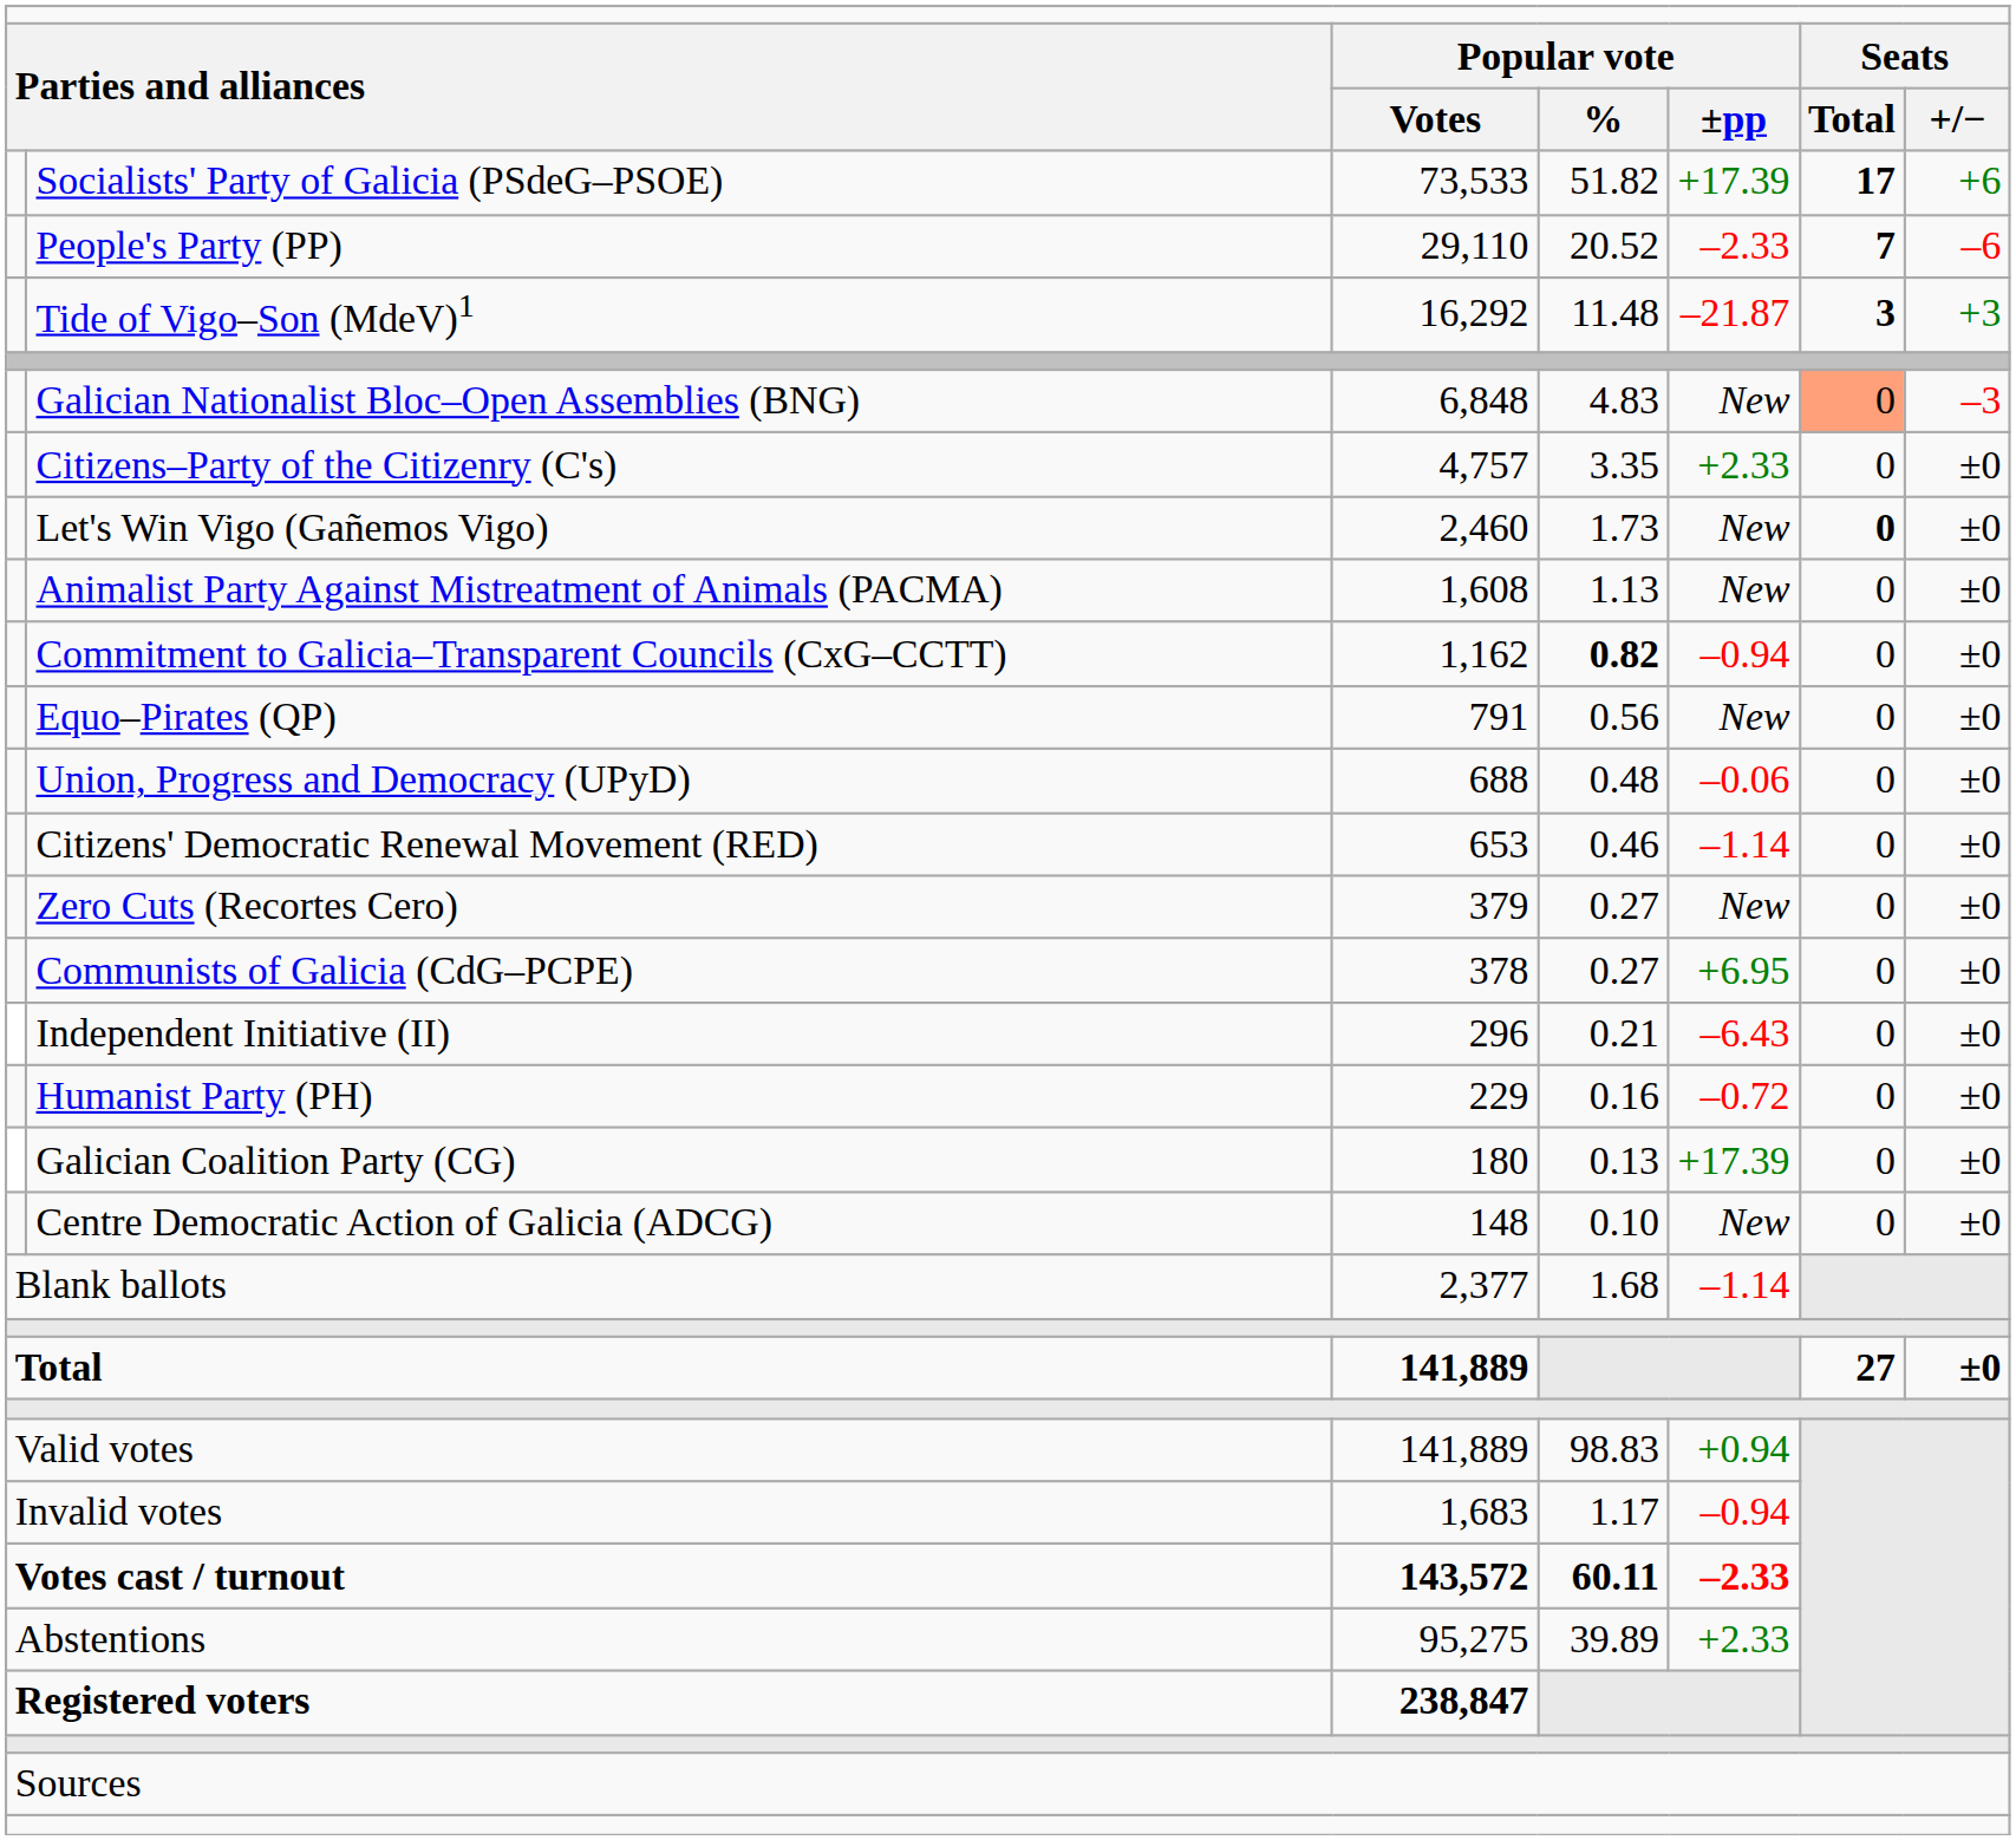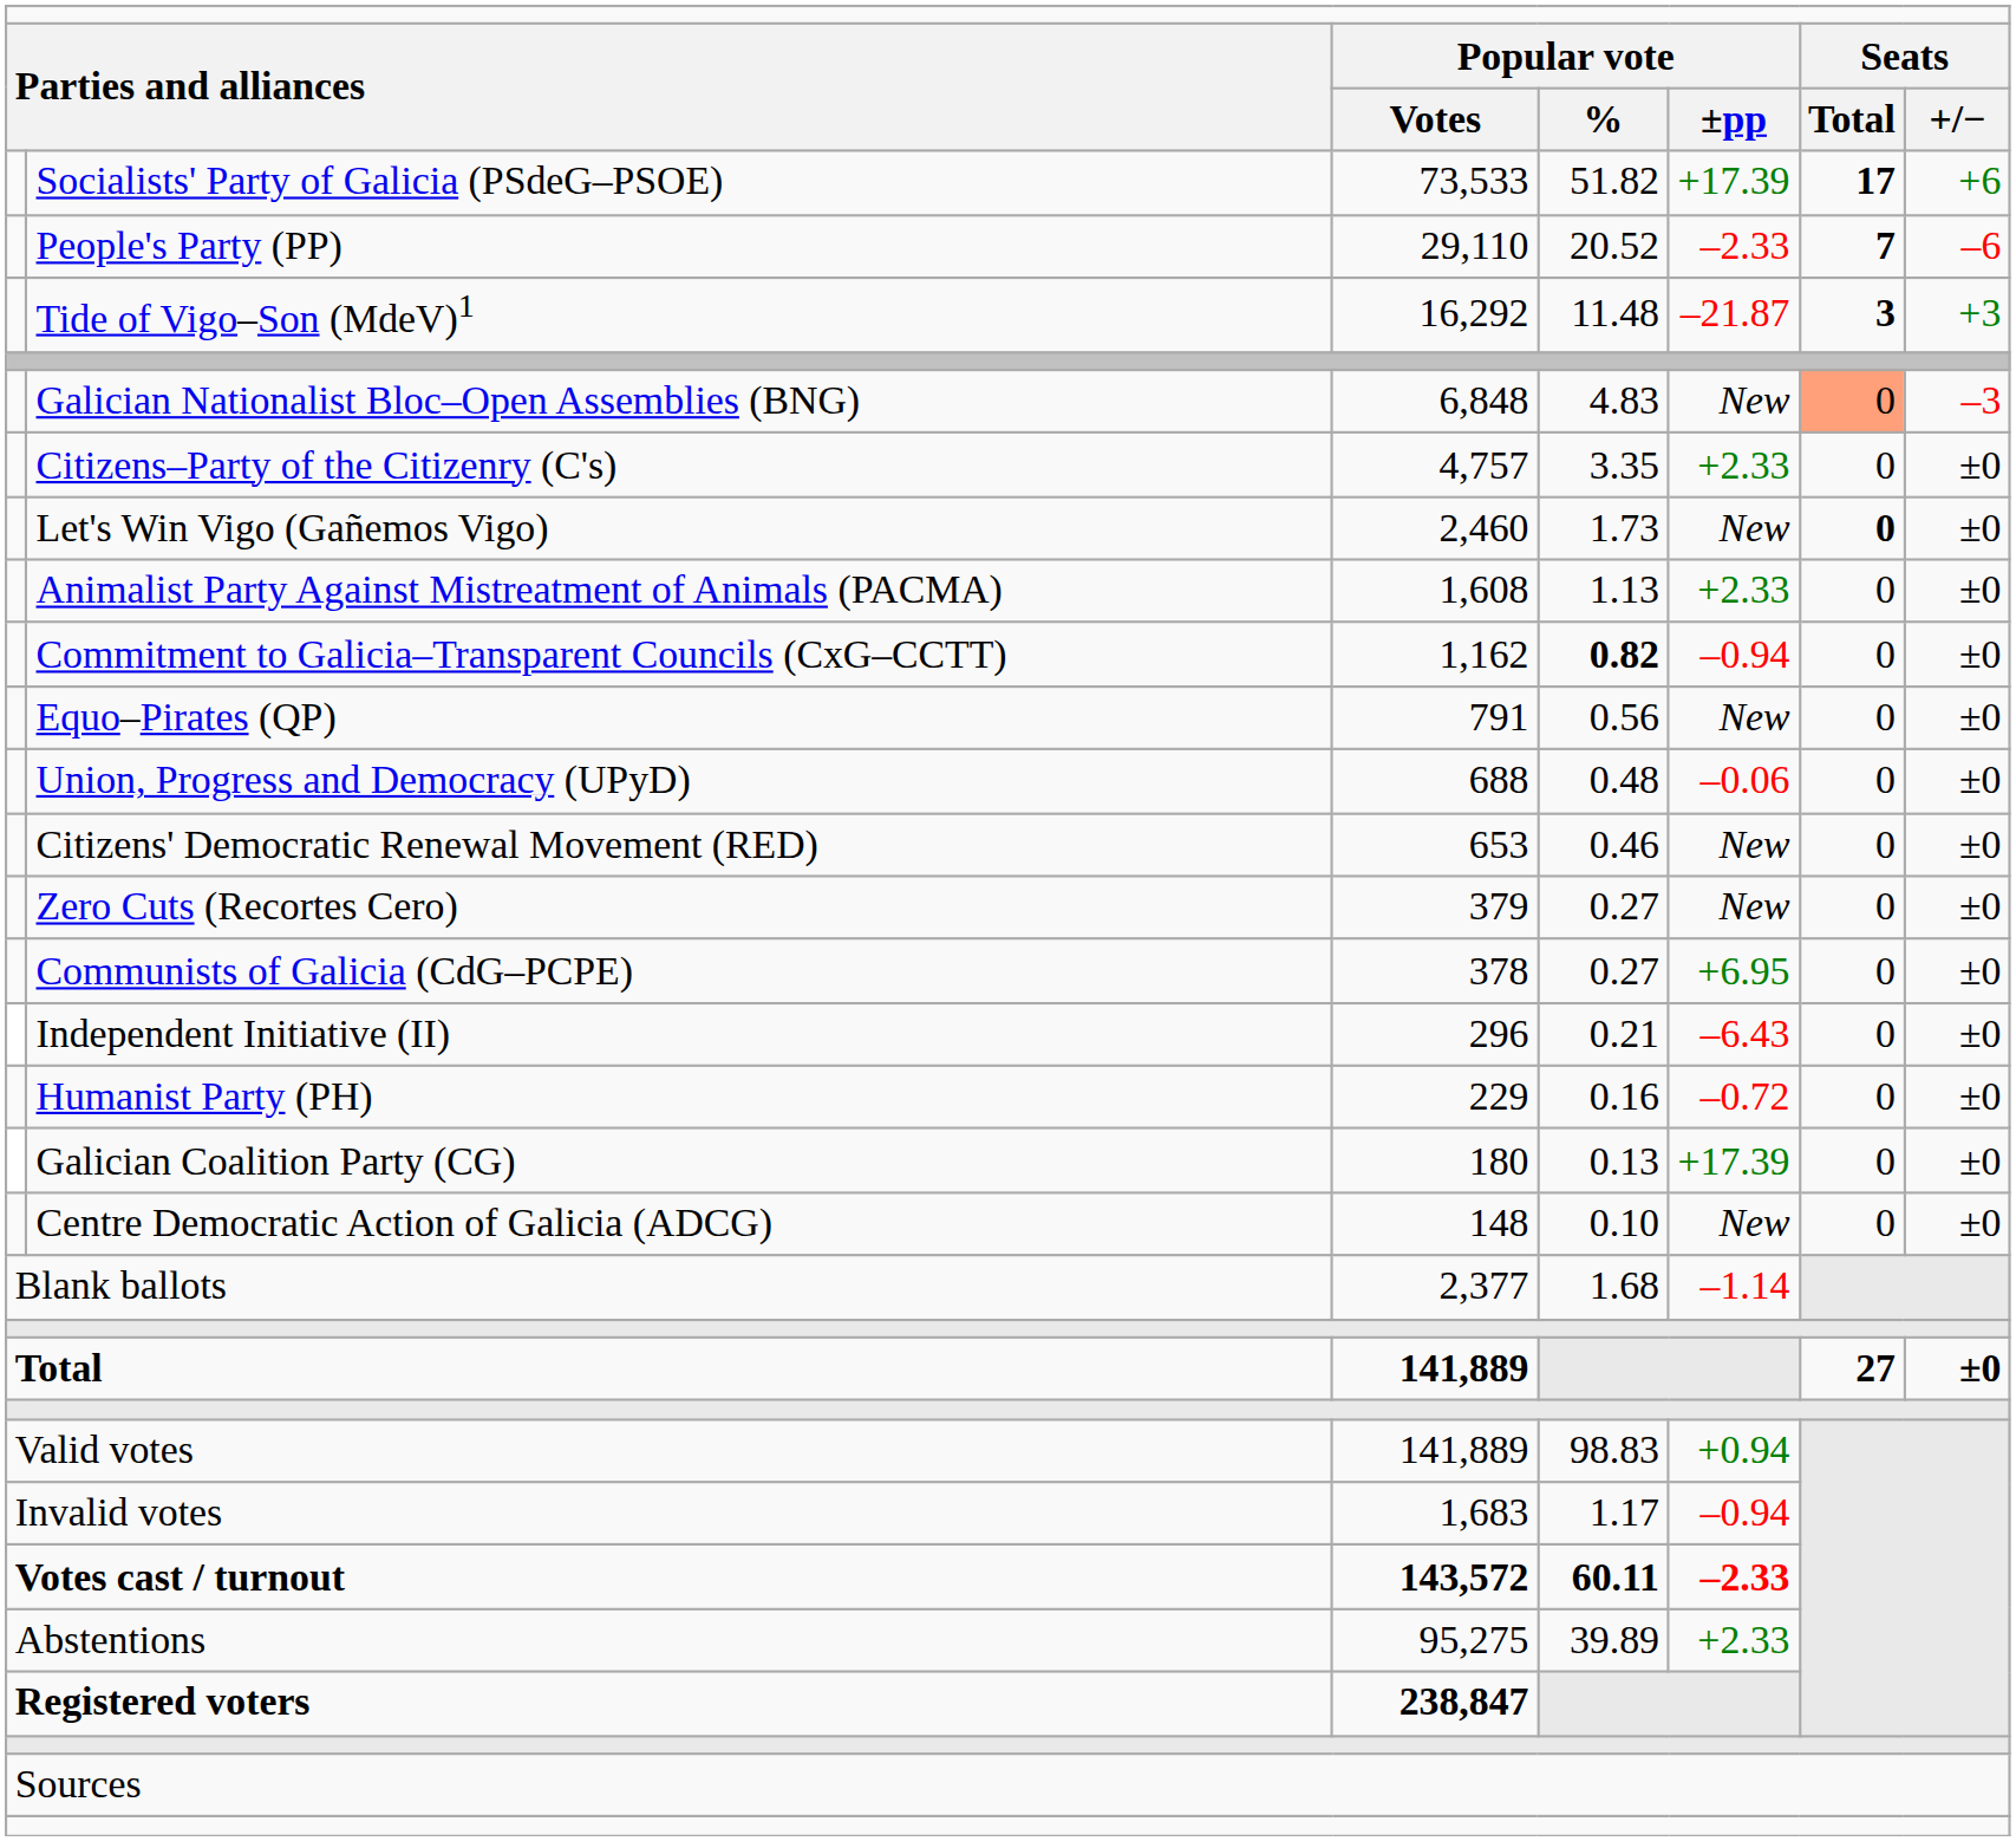 <table class="wikitable" style="text-align:right;">
 <tr>
 <td colspan="7"></td>
 </tr>
 <tr>
 <th style="text-align:left;" rowspan="2" colspan="2" width="525">Parties and alliances</th>
 <th colspan="3">Popular vote</th>
 <th colspan="2">Seats</th>
 </tr>
 <tr>
 <th width="75">Votes</th>
 <th width="45">%</th>
 <th width="45">±<a href='#'>pp</a></th>
 <th width="35">Total</th>
 <th width="35">+/−</th>
 </tr>
 <tr>
 <td width="1" style="color:inherit;background:"></td>
 <td align="left"><a href='#'>Socialists' Party of Galicia</a> (PSdeG–PSOE)</td>
 <td>73,533</td>
 <td>51.82</td>
 <td style="color:green;">+17.39</td>
 <td><strong>17</strong></td>
 <td style="color:green;">+6</td>
 </tr>
 <tr>
 <td style="color:inherit;background:"></td>
 <td align="left"><a href='#'>People's Party</a> (PP)</td>
 <td>29,110</td>
 <td>20.52</td>
 <td style="color:red;">–2.33</td>
 <td><strong>7</strong></td>
 <td style="color:red;">–6</td>
 </tr>
 <tr>
 <td style="color:inherit;background:"></td>
 <td align="left"><a href='#'>Tide of Vigo</a>–<a href='#'>Son</a> (MdeV)<sup>1</sup></td>
 <td>16,292</td>
 <td>11.48</td>
 <td style="color:red;">–21.87</td>
 <td><strong>3</strong></td>
 <td style="color:green;">+3</td>
 </tr>
 <tr>
 <td colspan="7" bgcolor="#C0C0C0"></td>
 </tr>
 <tr>
 <td style="color:inherit;background:"></td>
 <td align="left"><a href='#'>Galician Nationalist Bloc–Open Assemblies</a> (BNG)</td>
 <td>6,848</td>
 <td>4.83</td>
 <td><em>New</em></td>
 <td style="background: lightsalmon;">0</td>
 <td style="color:red;">–3</td>
 </tr>
 <tr>
 <td style="color:inherit;background:"></td>
 <td align="left"><a href='#'>Citizens–Party of the Citizenry</a> (C's)</td>
 <td>4,757</td>
 <td>3.35</td>
 <td style="color:green;">+2.33</td>
 <td>0</td>
 <td>±0</td>
 </tr>
 <tr>
 <td style="color:inherit;background:"></td>
 <td align="left">Let's Win Vigo (Gañemos Vigo)</td>
 <td>2,460</td>
 <td>1.73</td>
 <td><em>New</em></td>
 <td><strong>0</strong></td>
 <td>±0</td>
 </tr>
 <tr>
 <td style="color:inherit;background:"></td>
 <td align="left"><a href='#'>Animalist Party Against Mistreatment of Animals</a> (PACMA)</td>
 <td>1,608</td>
 <td>1.13</td>
-<td><em>New</em></td>
+<td style="color:green;">+2.33</td>
 <td>0</td>
 <td>±0</td>
 </tr>
 <tr>
 <td style="color:inherit;background:"></td>
 <td align="left"><a href='#'>Commitment to Galicia–Transparent Councils</a> (CxG–CCTT)</td>
 <td>1,162</td>
 <td><strong>0.82</strong></td>
 <td style="color:red;">–0.94</td>
 <td>0</td>
 <td>±0</td>
 </tr>
 <tr>
 <td style="color:inherit;background:"></td>
 <td align="left"><a href='#'>Equo</a>–<a href='#'>Pirates</a> (QP)</td>
 <td>791</td>
 <td>0.56</td>
 <td><em>New</em></td>
 <td>0</td>
 <td>±0</td>
 </tr>
 <tr>
 <td style="color:inherit;background:"></td>
 <td align="left"><a href='#'>Union, Progress and Democracy</a> (UPyD)</td>
 <td>688</td>
 <td>0.48</td>
 <td style="color:red;">–0.06</td>
 <td>0</td>
 <td>±0</td>
 </tr>
 <tr>
 <td style="color:inherit;background:"></td>
 <td align="left">Citizens' Democratic Renewal Movement (RED)</td>
 <td>653</td>
 <td>0.46</td>
-<td style="color:red;">–1.14</td>
+<td><em>New</em></td>
 <td>0</td>
 <td>±0</td>
 </tr>
 <tr>
 <td style="color:inherit;background:"></td>
 <td align="left"><a href='#'>Zero Cuts</a> (Recortes Cero)</td>
 <td>379</td>
 <td>0.27</td>
 <td><em>New</em></td>
 <td>0</td>
 <td>±0</td>
 </tr>
 <tr>
 <td style="color:inherit;background:"></td>
 <td align="left"><a href='#'>Communists of Galicia</a> (CdG–PCPE)</td>
 <td>378</td>
 <td>0.27</td>
 <td style="color:green;">+6.95</td>
 <td>0</td>
 <td>±0</td>
 </tr>
 <tr>
 <td bgcolor="white"></td>
 <td align="left">Independent Initiative (II)</td>
 <td>296</td>
 <td>0.21</td>
 <td style="color:red;">–6.43</td>
 <td>0</td>
 <td>±0</td>
 </tr>
 <tr>
 <td style="color:inherit;background:"></td>
 <td align="left"><a href='#'>Humanist Party</a> (PH)</td>
 <td>229</td>
 <td>0.16</td>
 <td style="color:red;">–0.72</td>
 <td>0</td>
 <td>±0</td>
 </tr>
 <tr>
 <td bgcolor="white"></td>
 <td align="left">Galician Coalition Party (CG)</td>
 <td>180</td>
 <td>0.13</td>
 <td style="color:green;">+17.39</td>
 <td>0</td>
 <td>±0</td>
 </tr>
 <tr>
 <td style="color:inherit;background:"></td>
 <td align="left">Centre Democratic Action of Galicia (ADCG)</td>
 <td>148</td>
 <td>0.10</td>
 <td><em>New</em></td>
 <td>0</td>
 <td>±0</td>
 </tr>
 <tr>
 <td align="left" colspan="2">Blank ballots</td>
 <td>2,377</td>
 <td>1.68</td>
 <td style="color:red;">–1.14</td>
 <td bgcolor="#E9E9E9" colspan="2"></td>
 </tr>
 <tr>
 <td colspan="7" bgcolor="#E9E9E9"></td>
 </tr>
 <tr style="font-weight:bold;">
 <td align="left" colspan="2">Total</td>
 <td>141,889</td>
 <td bgcolor="#E9E9E9" colspan="2"></td>
 <td>27</td>
 <td>±0</td>
 </tr>
 <tr>
 <td colspan="7" bgcolor="#E9E9E9"></td>
 </tr>
 <tr>
 <td align="left" colspan="2">Valid votes</td>
 <td>141,889</td>
 <td>98.83</td>
 <td style="color:green;">+0.94</td>
 <td bgcolor="#E9E9E9" colspan="2" rowspan="5"></td>
 </tr>
 <tr>
 <td align="left" colspan="2">Invalid votes</td>
 <td>1,683</td>
 <td>1.17</td>
 <td style="color:red;">–0.94</td>
 </tr>
 <tr style="font-weight:bold;">
 <td align="left" colspan="2">Votes cast / turnout</td>
 <td>143,572</td>
 <td>60.11</td>
 <td style="color:red;">–2.33</td>
 </tr>
 <tr>
 <td align="left" colspan="2">Abstentions</td>
 <td>95,275</td>
 <td>39.89</td>
 <td style="color:green;">+2.33</td>
 </tr>
 <tr style="font-weight:bold;">
 <td align="left" colspan="2">Registered voters</td>
 <td>238,847</td>
 <td bgcolor="#E9E9E9" colspan="2"></td>
 </tr>
 <tr>
 <td colspan="7" bgcolor="#E9E9E9"></td>
 </tr>
 <tr>
 <td align="left" colspan="7">Sources</td>
 </tr>
 <tr>
 <td colspan="7" style="text-align:left; max-width:790px;"></td>
 </tr>
 </table>
